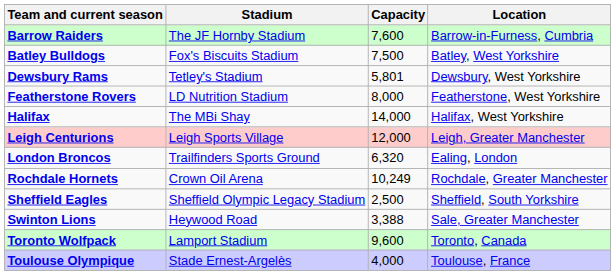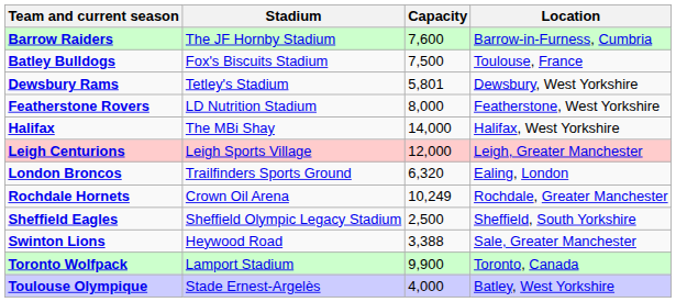 <table class="wikitable sortable" style="font-size:95%;">
 <tr>
 <th>Team and current season</th>
 <th>Stadium</th>
 <th>Capacity</th>
 <th>Location</th>
 </tr>
 <tr style="background:#CCFFCC;">
 <td> <strong><a href='#'>Barrow Raiders</a></strong></td>
 <td><a href='#'>The JF Hornby Stadium</a></td>
 <td>7,600</td>
 <td><a href='#'>Barrow-in-Furness</a>, <a href='#'>Cumbria</a></td>
 </tr>
 <tr>
 <td> <strong><a href='#'>Batley Bulldogs</a></strong></td>
 <td><a href='#'>Fox's Biscuits Stadium</a></td>
 <td>7,500</td>
-<td><a href='#'>Batley</a>, <a href='#'>West Yorkshire</a></td>
+<td><a href='#'>Toulouse</a>, <a href='#'>France</a></td>
 </tr>
 <tr>
 <td> <strong><a href='#'>Dewsbury Rams</a></strong></td>
 <td><a href='#'>Tetley's Stadium</a></td>
 <td>5,801</td>
 <td><a href='#'>Dewsbury</a>, West Yorkshire</td>
 </tr>
 <tr>
 <td> <strong><a href='#'>Featherstone Rovers</a></strong></td>
 <td><a href='#'>LD Nutrition Stadium</a></td>
 <td>8,000</td>
 <td><a href='#'>Featherstone</a>, West Yorkshire</td>
 </tr>
 <tr>
 <td> <strong><a href='#'>Halifax</a></strong></td>
 <td><a href='#'>The MBi Shay</a></td>
 <td>14,000</td>
 <td><a href='#'>Halifax</a>, West Yorkshire</td>
 </tr>
 <tr style="background:#FFCCCC;">
 <td> <strong><a href='#'>Leigh Centurions</a></strong></td>
 <td><a href='#'>Leigh Sports Village</a></td>
 <td>12,000</td>
 <td><a href='#'>Leigh, Greater Manchester</a></td>
 </tr>
 <tr>
 <td> <strong><a href='#'>London Broncos</a></strong></td>
 <td><a href='#'>Trailfinders Sports Ground</a></td>
 <td>6,320</td>
 <td><a href='#'>Ealing</a>, <a href='#'>London</a></td>
 </tr>
 <tr>
 <td> <strong><a href='#'>Rochdale Hornets</a></strong></td>
 <td><a href='#'>Crown Oil Arena</a></td>
 <td>10,249</td>
 <td><a href='#'>Rochdale</a>, <a href='#'>Greater Manchester</a></td>
 </tr>
 <tr>
 <td> <strong><a href='#'>Sheffield Eagles</a></strong></td>
 <td><a href='#'>Sheffield Olympic Legacy Stadium</a></td>
 <td>2,500</td>
 <td><a href='#'>Sheffield</a>, <a href='#'>South Yorkshire</a></td>
 </tr>
 <tr>
 <td> <strong><a href='#'>Swinton Lions</a></strong></td>
 <td><a href='#'>Heywood Road</a></td>
 <td>3,388</td>
 <td><a href='#'>Sale, Greater Manchester</a></td>
 </tr>
 <tr style="background:#CCFFCC;">
 <td> <strong><a href='#'>Toronto Wolfpack</a></strong></td>
 <td><a href='#'>Lamport Stadium</a></td>
-<td>9,600</td>
+<td>9,900</td>
 <td><a href='#'>Toronto</a>, <a href='#'>Canada</a></td>
 </tr>
 <tr style="background:#ccccff;">
 <td> <strong><a href='#'>Toulouse Olympique</a></strong></td>
 <td><a href='#'>Stade Ernest-Argelès</a></td>
 <td>4,000</td>
-<td><a href='#'>Toulouse</a>, <a href='#'>France</a></td>
+<td><a href='#'>Batley</a>, <a href='#'>West Yorkshire</a></td>
 </tr>
 </table>
